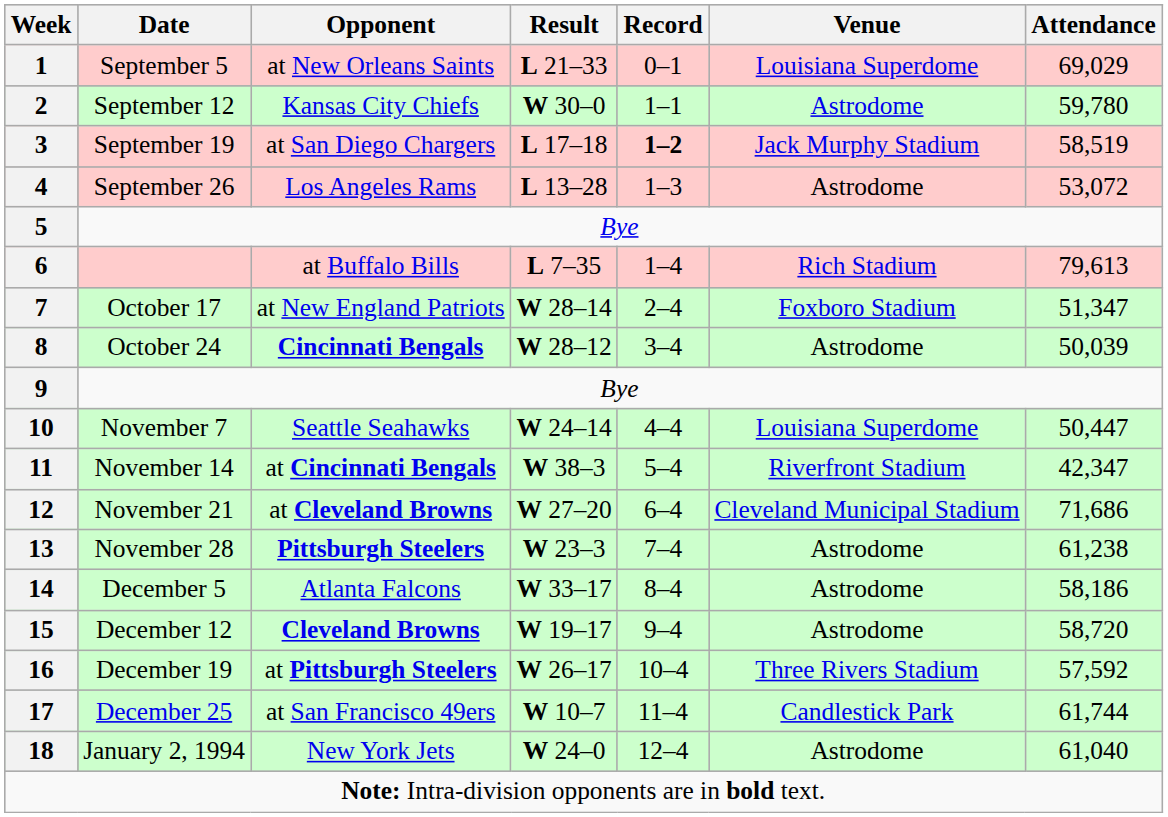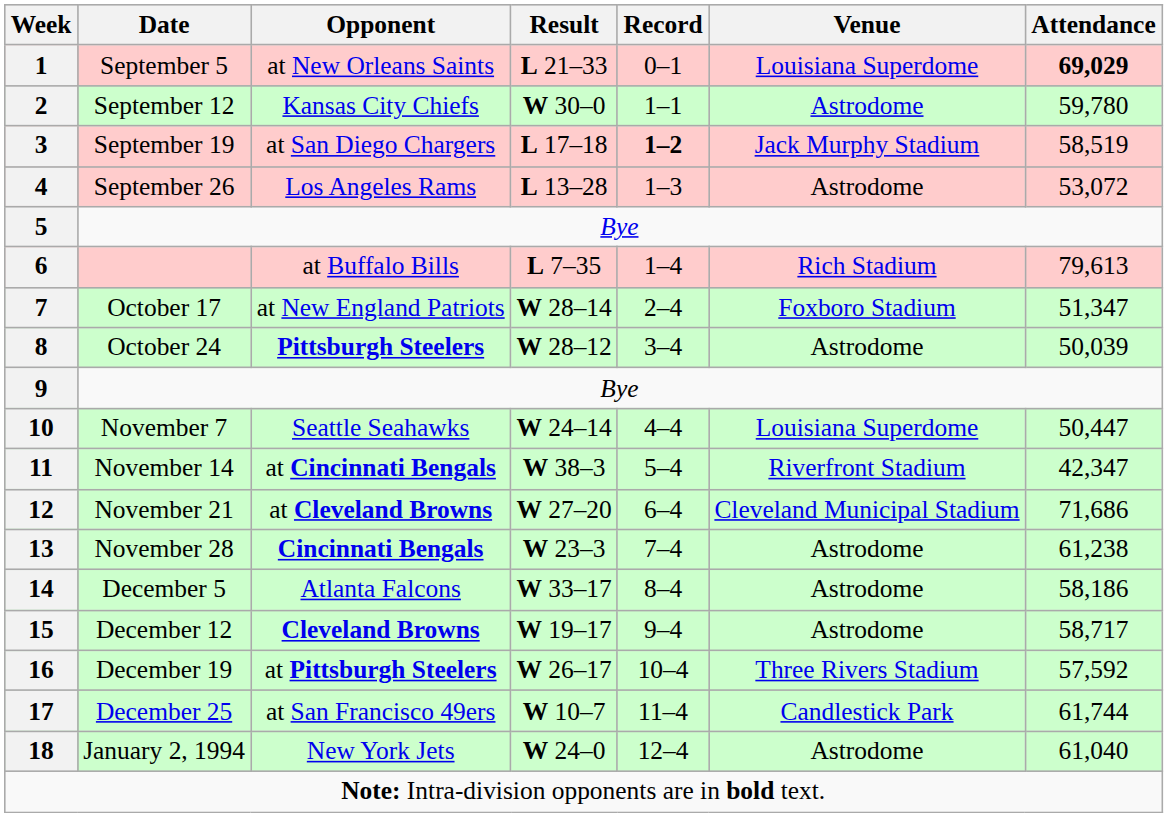 <table class="wikitable" style="text-align:center">
 <tr>
 <th>Week</th>
 <th>Date</th>
 <th>Opponent</th>
 <th>Result</th>
 <th>Record</th>
 <th>Venue</th>
 <th>Attendance</th>
 </tr>
 <tr style="background:#fcc">
 <th>1</th>
 <td>September 5</td>
 <td>at <a href='#'>New Orleans Saints</a></td>
 <td><strong>L</strong> 21–33</td>
 <td>0–1</td>
 <td><a href='#'>Louisiana Superdome</a></td>
-<td>69,029</td>
+<td><strong>69,029</strong></td>
 </tr>
 <tr style="background:#cfc">
 <th>2</th>
 <td>September 12</td>
 <td><a href='#'>Kansas City Chiefs</a></td>
 <td><strong>W</strong> 30–0</td>
 <td>1–1</td>
 <td><a href='#'>Astrodome</a></td>
 <td>59,780</td>
 </tr>
 <tr style="background:#fcc">
 <th>3</th>
 <td>September 19</td>
 <td>at <a href='#'>San Diego Chargers</a></td>
 <td><strong>L</strong> 17–18</td>
 <td><strong>1–2</strong></td>
 <td><a href='#'>Jack Murphy Stadium</a></td>
 <td>58,519</td>
 </tr>
 <tr style="background:#fcc">
 <th>4</th>
 <td>September 26</td>
 <td><a href='#'>Los Angeles Rams</a></td>
 <td><strong>L</strong> 13–28</td>
 <td>1–3</td>
 <td>Astrodome</td>
 <td>53,072</td>
 </tr>
 <tr>
 <th>5</th>
 <td colspan="6" align="center"><em><a href='#'>Bye</a></em></td>
 </tr>
 <tr style="background:#fcc">
 <th>6</th>
 <td></td>
 <td>at <a href='#'>Buffalo Bills</a></td>
 <td><strong>L</strong> 7–35</td>
 <td>1–4</td>
 <td><a href='#'>Rich Stadium</a></td>
 <td>79,613</td>
 </tr>
 <tr style="background:#cfc">
 <th>7</th>
 <td>October 17</td>
 <td>at <a href='#'>New England Patriots</a></td>
 <td><strong>W</strong> 28–14</td>
 <td>2–4</td>
 <td><a href='#'>Foxboro Stadium</a></td>
 <td>51,347</td>
 </tr>
 <tr style="background:#cfc">
 <th>8</th>
 <td>October 24</td>
-<td><strong><a href='#'>Cincinnati Bengals</a></strong></td>
+<td><strong><a href='#'>Pittsburgh Steelers</a></strong></td>
 <td><strong>W</strong> 28–12</td>
 <td>3–4</td>
 <td>Astrodome</td>
 <td>50,039</td>
 </tr>
 <tr>
 <th>9</th>
 <td colspan="6" align="center"><em>Bye</em></td>
 </tr>
 <tr style="background:#cfc">
 <th>10</th>
 <td>November 7</td>
 <td><a href='#'>Seattle Seahawks</a></td>
 <td><strong>W</strong> 24–14</td>
 <td>4–4</td>
 <td><a href='#'>Louisiana Superdome</a></td>
 <td>50,447</td>
 </tr>
 <tr style="background:#cfc">
 <th>11</th>
 <td>November 14</td>
 <td>at <strong><a href='#'>Cincinnati Bengals</a></strong></td>
 <td><strong>W</strong> 38–3</td>
 <td>5–4</td>
 <td><a href='#'>Riverfront Stadium</a></td>
 <td>42,347</td>
 </tr>
 <tr style="background:#cfc">
 <th>12</th>
 <td>November 21</td>
 <td>at <strong><a href='#'>Cleveland Browns</a></strong></td>
 <td><strong>W</strong> 27–20</td>
 <td>6–4</td>
 <td><a href='#'>Cleveland Municipal Stadium</a></td>
 <td>71,686</td>
 </tr>
 <tr style="background:#cfc">
 <th>13</th>
 <td>November 28</td>
-<td><strong><a href='#'>Pittsburgh Steelers</a></strong></td>
+<td><strong><a href='#'>Cincinnati Bengals</a></strong></td>
 <td><strong>W</strong> 23–3</td>
 <td>7–4</td>
 <td>Astrodome</td>
 <td>61,238</td>
 </tr>
 <tr style="background:#cfc">
 <th>14</th>
 <td>December 5</td>
 <td><a href='#'>Atlanta Falcons</a></td>
 <td><strong>W</strong> 33–17</td>
 <td>8–4</td>
 <td>Astrodome</td>
 <td>58,186</td>
 </tr>
 <tr style="background:#cfc">
 <th>15</th>
 <td>December 12</td>
 <td><strong><a href='#'>Cleveland Browns</a></strong></td>
 <td><strong>W</strong> 19–17</td>
 <td>9–4</td>
 <td>Astrodome</td>
-<td>58,720</td>
+<td>58,717</td>
 </tr>
 <tr style="background:#cfc">
 <th>16</th>
 <td>December 19</td>
 <td>at <strong><a href='#'>Pittsburgh Steelers</a></strong></td>
 <td><strong>W</strong> 26–17</td>
 <td>10–4</td>
 <td><a href='#'>Three Rivers Stadium</a></td>
 <td>57,592</td>
 </tr>
 <tr style="background:#cfc">
 <th>17</th>
 <td><a href='#'>December 25</a></td>
 <td>at <a href='#'>San Francisco 49ers</a></td>
 <td><strong>W</strong> 10–7</td>
 <td>11–4</td>
 <td><a href='#'>Candlestick Park</a></td>
 <td>61,744</td>
 </tr>
 <tr style="background:#cfc">
 <th>18</th>
 <td>January 2, 1994</td>
 <td><a href='#'>New York Jets</a></td>
 <td><strong>W</strong> 24–0</td>
 <td>12–4</td>
 <td>Astrodome</td>
 <td>61,040</td>
 </tr>
 <tr>
 <td colspan="8"><strong>Note:</strong> Intra-division opponents are in <strong>bold</strong> text.</td>
 </tr>
 </table>
